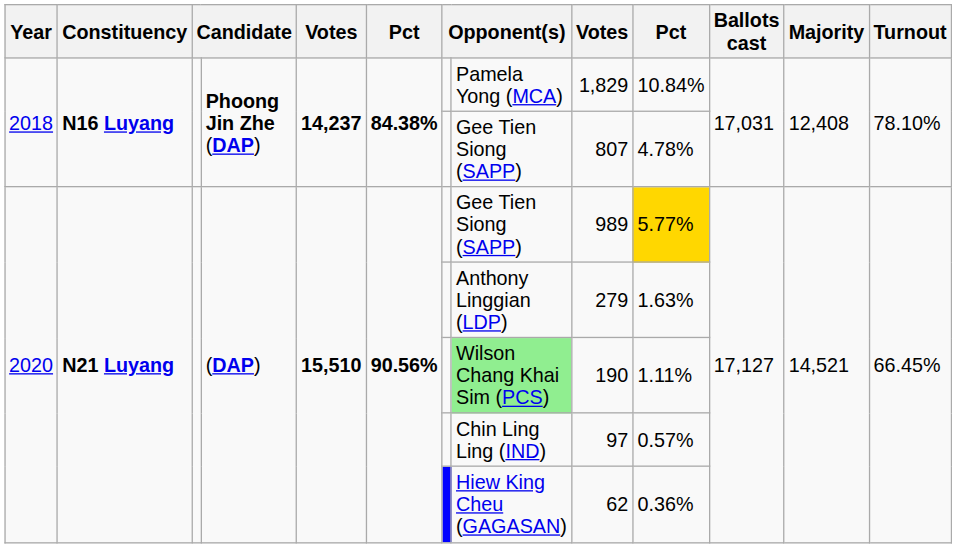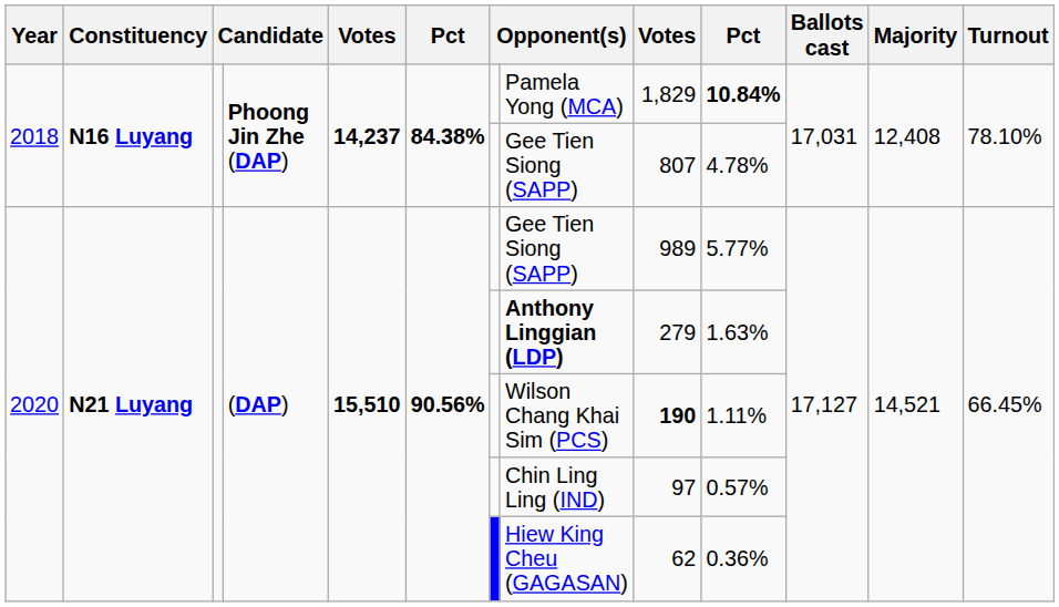 <table class="wikitable" style="margin:0.5em ; font-size:95%">
 <tr>
 <th>Year</th>
 <th>Constituency</th>
 <th colspan=2>Candidate</th>
 <th>Votes</th>
 <th>Pct</th>
 <th colspan=2>Opponent(s)</th>
 <th>Votes</th>
 <th>Pct</th>
 <th>Ballots cast</th>
 <th>Majority</th>
 <th>Turnout</th>
 </tr>
 <tr>
 <td rowspan=2><a href='#'>2018</a></td>
 <td rowspan=2><strong>N16 <a href='#'>Luyang</a></strong></td>
 <td rowspan=2 ></td>
 <td rowspan=2><strong>Phoong Jin Zhe</strong> (<a href='#'><strong>DAP</strong></a>)</td>
 <td rowspan=2 align="right"><strong>14,237</strong></td>
 <td rowspan=2><strong>84.38%</strong></td>
 <td></td>
 <td>Pamela Yong (<a href='#'>MCA</a>)</td>
 <td align="right">1,829</td>
-<td>10.84%</td>
+<td><strong>10.84%</strong></td>
 <td rowspan=2>17,031</td>
 <td rowspan=2>12,408</td>
 <td rowspan=2>78.10%</td>
 </tr>
 <tr>
 <td></td>
 <td>Gee Tien Siong (<a href='#'>SAPP</a>)</td>
 <td align="right">807</td>
 <td>4.78%</td>
 </tr>
 <tr>
 <td rowspan=5><a href='#'>2020</a></td>
 <td rowspan=5><strong>N21 <a href='#'>Luyang</a></strong></td>
 <td rowspan=5 ></td>
 <td rowspan=5> (<a href='#'><strong>DAP</strong></a>)</td>
 <td rowspan=5 align="right"><strong>15,510</strong></td>
 <td rowspan=5><strong>90.56%</strong></td>
 <td></td>
 <td>Gee Tien Siong (<a href='#'>SAPP</a>)</td>
 <td align="right">989</td>
-<td style="background: gold;">5.77%</td>
+<td>5.77%</td>
 <td rowspan=5>17,127</td>
 <td rowspan=5>14,521</td>
 <td rowspan=5>66.45%</td>
 </tr>
 <tr>
 <td></td>
-<td>Anthony Linggian (<a href='#'>LDP</a>)</td>
+<td><strong>Anthony Linggian (<a href='#'>LDP</a>)</strong></td>
 <td align="right">279</td>
 <td>1.63%</td>
 </tr>
 <tr>
 <td></td>
-<td style="background: lightgreen;">Wilson Chang Khai Sim (<a href='#'>PCS</a>)</td>
-<td align="right">190</td>
+<td>Wilson Chang Khai Sim (<a href='#'>PCS</a>)</td>
+<td align="right"><strong>190</strong></td>
 <td>1.11%</td>
 </tr>
 <tr>
 <td></td>
 <td>Chin Ling Ling (<a href='#'>IND</a>)</td>
 <td align="right">97</td>
 <td>0.57%</td>
 </tr>
 <tr>
 <td bgcolor=blue></td>
 <td><a href='#'>Hiew King Cheu</a> (<a href='#'>GAGASAN</a>)</td>
 <td align="right">62</td>
 <td>0.36%</td>
 </tr>
 </table>
